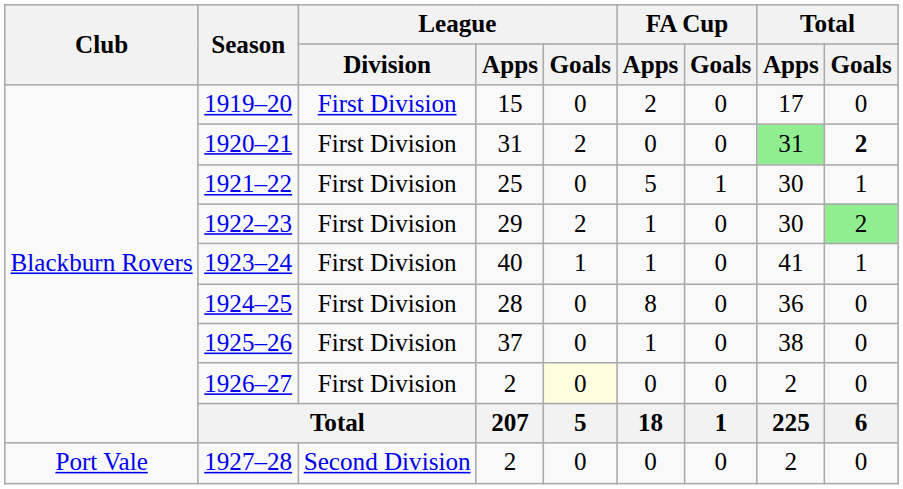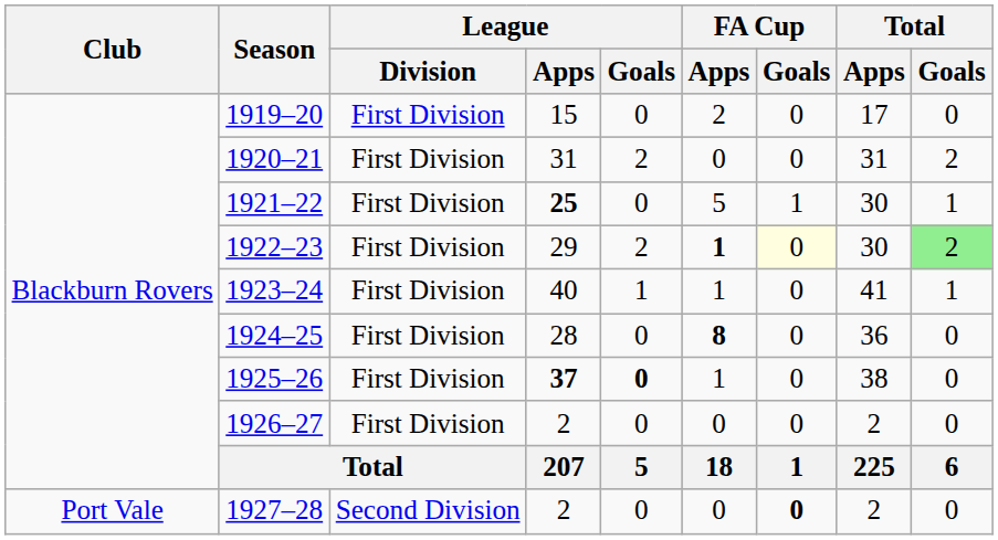 <table class="wikitable" style="text-align: center;">
 <tr>
 <th rowspan="2">Club</th>
 <th rowspan="2">Season</th>
 <th colspan="3">League</th>
 <th colspan="2">FA Cup</th>
 <th colspan="2">Total</th>
 </tr>
 <tr>
 <th>Division</th>
 <th>Apps</th>
 <th>Goals</th>
 <th>Apps</th>
 <th>Goals</th>
 <th>Apps</th>
 <th>Goals</th>
 </tr>
 <tr>
 <td rowspan="9"><a href='#'>Blackburn Rovers</a></td>
 <td><a href='#'>1919–20</a></td>
 <td><a href='#'>First Division</a></td>
 <td>15</td>
 <td>0</td>
 <td>2</td>
 <td>0</td>
 <td>17</td>
 <td>0</td>
 </tr>
 <tr>
 <td><a href='#'>1920–21</a></td>
 <td>First Division</td>
 <td>31</td>
 <td>2</td>
 <td>0</td>
 <td>0</td>
-<td style="background: lightgreen;">31</td>
-<td><strong>2</strong></td>
+<td>31</td>
+<td>2</td>
 </tr>
 <tr>
 <td><a href='#'>1921–22</a></td>
 <td>First Division</td>
-<td>25</td>
+<td><strong>25</strong></td>
 <td>0</td>
 <td>5</td>
 <td>1</td>
 <td>30</td>
 <td>1</td>
 </tr>
 <tr>
 <td><a href='#'>1922–23</a></td>
 <td>First Division</td>
 <td>29</td>
 <td>2</td>
-<td>1</td>
-<td>0</td>
+<td><strong>1</strong></td>
+<td style="background: lightyellow;">0</td>
 <td>30</td>
 <td style="background: lightgreen;">2</td>
 </tr>
 <tr>
 <td><a href='#'>1923–24</a></td>
 <td>First Division</td>
 <td>40</td>
 <td>1</td>
 <td>1</td>
 <td>0</td>
 <td>41</td>
 <td>1</td>
 </tr>
 <tr>
 <td><a href='#'>1924–25</a></td>
 <td>First Division</td>
 <td>28</td>
 <td>0</td>
-<td>8</td>
+<td><strong>8</strong></td>
 <td>0</td>
 <td>36</td>
 <td>0</td>
 </tr>
 <tr>
 <td><a href='#'>1925–26</a></td>
 <td>First Division</td>
-<td>37</td>
-<td>0</td>
+<td><strong>37</strong></td>
+<td><strong>0</strong></td>
 <td>1</td>
 <td>0</td>
 <td>38</td>
 <td>0</td>
 </tr>
 <tr>
 <td><a href='#'>1926–27</a></td>
 <td>First Division</td>
 <td>2</td>
-<td style="background: lightyellow;">0</td>
+<td>0</td>
 <td>0</td>
 <td>0</td>
 <td>2</td>
 <td>0</td>
 </tr>
 <tr>
 <th colspan="2">Total</th>
 <th>207</th>
 <th>5</th>
 <th>18</th>
 <th>1</th>
 <th>225</th>
 <th>6</th>
 </tr>
 <tr>
 <td><a href='#'>Port Vale</a></td>
 <td><a href='#'>1927–28</a></td>
 <td><a href='#'>Second Division</a></td>
 <td>2</td>
 <td>0</td>
 <td>0</td>
-<td>0</td>
+<td><strong>0</strong></td>
 <td>2</td>
 <td>0</td>
 </tr>
 </table>
